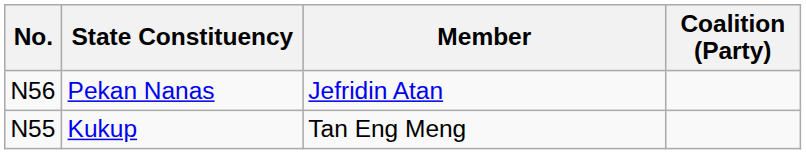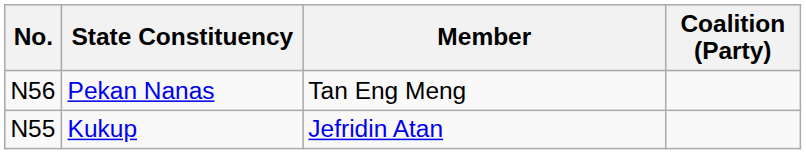 <table class="wikitable sortable">
 <tr>
 <th width="30">No.</th>
 <th width="150">State Constituency</th>
 <th width="230">Member</th>
 <th width="80">Coalition (Party)</th>
 </tr>
 <tr>
 <td>N56</td>
 <td><a href='#'>Pekan Nanas</a></td>
-<td><a href='#'>Jefridin Atan</a></td>
+<td>Tan Eng Meng</td>
 <td></td>
 </tr>
 <tr>
 <td>N55</td>
 <td><a href='#'>Kukup</a></td>
-<td>Tan Eng Meng</td>
+<td><a href='#'>Jefridin Atan</a></td>
 <td></td>
 </tr>
 </table>
